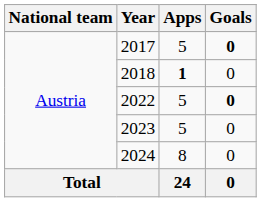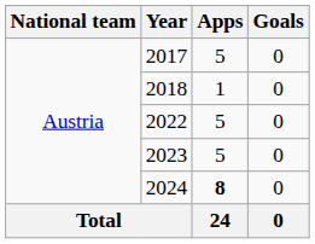 <table class=wikitable style=text-align:center>
 <tr>
 <th>National team</th>
 <th>Year</th>
 <th>Apps</th>
 <th>Goals</th>
 </tr>
 <tr>
 <td rowspan=5><a href='#'>Austria</a></td>
 <td>2017</td>
 <td>5</td>
-<td><strong>0</strong></td>
+<td>0</td>
 </tr>
 <tr>
 <td>2018</td>
-<td><strong>1</strong></td>
+<td>1</td>
 <td>0</td>
 </tr>
 <tr>
 <td>2022</td>
 <td>5</td>
-<td><strong>0</strong></td>
+<td>0</td>
 </tr>
 <tr>
 <td>2023</td>
 <td>5</td>
 <td>0</td>
 </tr>
 <tr>
 <td>2024</td>
-<td>8</td>
+<td><strong>8</strong></td>
 <td>0</td>
 </tr>
 <tr>
 <th colspan=2>Total</th>
 <th>24</th>
 <th>0</th>
 </tr>
 </table>
